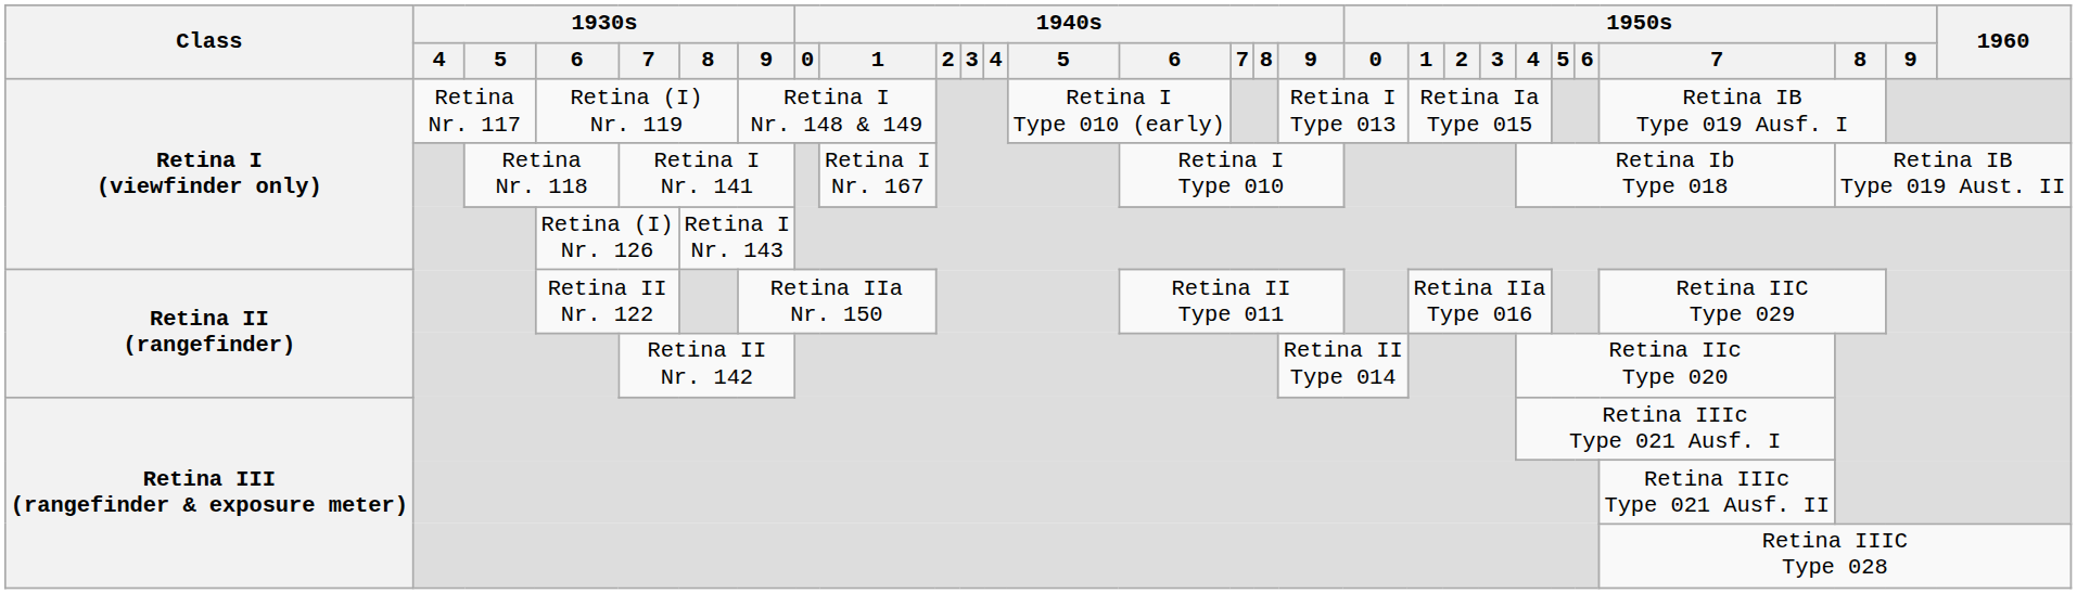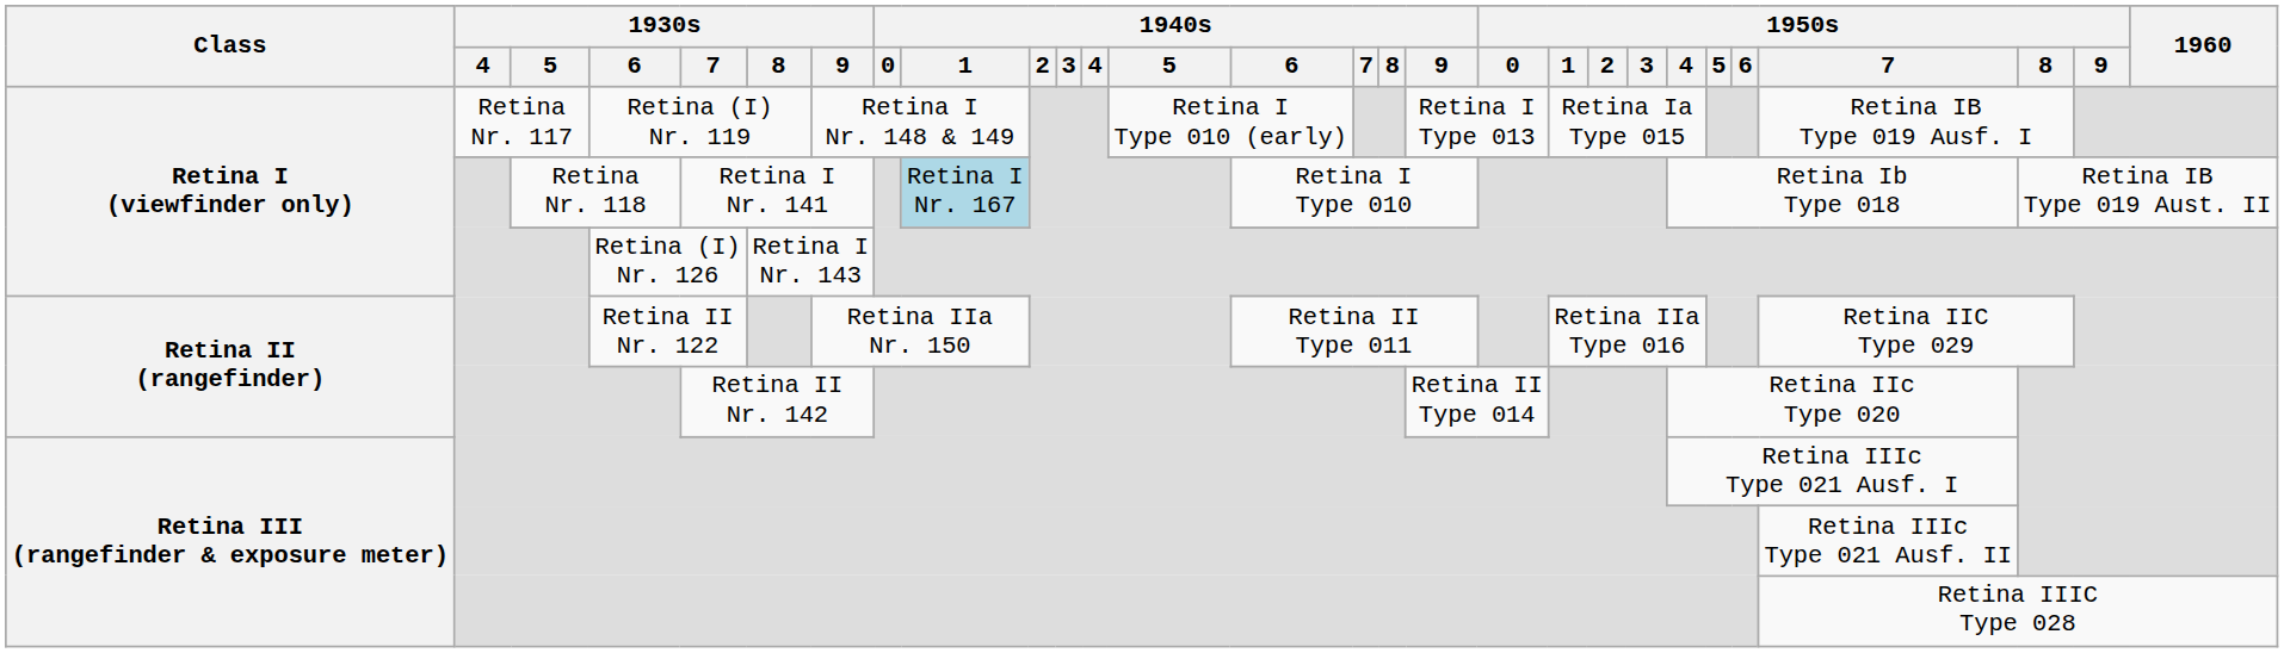 <table class="wikitable" style="font-size:90%;text-align:center;">
 <tr>
 <th rowspan=2>Class</th>
 <th colspan=6>1930s</th>
 <th colspan=10>1940s</th>
 <th colspan=10>1950s</th>
 <th rowspan=2>1960</th>
 </tr>
 <tr>
 <th>4</th>
 <th>5</th>
 <th>6</th>
 <th>7</th>
 <th>8</th>
 <th>9</th>
 <th>0</th>
 <th>1</th>
 <th>2</th>
 <th>3</th>
 <th>4</th>
 <th>5</th>
 <th>6</th>
 <th>7</th>
 <th>8</th>
 <th>9</th>
 <th>0</th>
 <th>1</th>
 <th>2</th>
 <th>3</th>
 <th>4</th>
 <th>5</th>
 <th>6</th>
 <th>7</th>
 <th>8</th>
 <th>9</th>
 </tr>
 <tr>
 <th rowspan=3>Retina I<br>(viewfinder only)</th>
 <td colspan=2>Retina<br>Nr. 117</td>
 <td colspan=3>Retina (I)<br>Nr. 119</td>
 <td colspan=3>Retina I<br>Nr. 148 & 149</td>
 <td colspan=3 style="background:#ddd;border:none;"> </td>
 <td colspan=2>Retina I<br>Type 010 (early)</td>
 <td colspan=2 style="background:#ddd;border:none;"> </td>
 <td colspan=2>Retina I<br>Type 013</td>
 <td colspan=4>Retina Ia<br>Type 015</td>
 <td colspan=2 style="background:#ddd;border:none;"> </td>
 <td colspan=2>Retina IB<br>Type 019 Ausf. I</td>
 <td colspan=2 style="background:#ddd;border:none;"> </td>
 </tr>
 <tr>
 <td colspan=1 style="background:#ddd;border:none;"> </td>
 <td colspan=2>Retina<br>Nr. 118</td>
 <td colspan=3>Retina I<br>Nr. 141</td>
 <td colspan=1 style="background:#ddd;border:none;"> </td>
-<td colspan=1>Retina I<br>Nr. 167</td>
+<td colspan=1 style="background: lightblue;">Retina I<br>Nr. 167</td>
 <td colspan=4 style="background:#ddd;border:none;"> </td>
 <td colspan=4>Retina I<br>Type 010</td>
 <td colspan=4 style="background:#ddd;border:none;"> </td>
 <td colspan=4>Retina Ib<br>Type 018</td>
 <td colspan=3>Retina IB<br>Type 019 Aust. II</td>
 </tr>
 <tr>
 <td colspan=2 style="background:#ddd;border:none;"> </td>
 <td colspan=2>Retina (I)<br>Nr. 126</td>
 <td colspan=2>Retina I<br>Nr. 143</td>
 <td colspan=21 style="background:#ddd;border:none;"> </td>
 </tr>
 <tr>
 <th rowspan=2>Retina II<br>(rangefinder)</th>
 <td colspan=2 style="background:#ddd;border:none;"> </td>
 <td colspan=2>Retina II<br>Nr. 122</td>
 <td colspan=1 style="background:#ddd;border:none;"> </td>
 <td colspan=3>Retina IIa<br>Nr. 150</td>
 <td colspan=4 style="background:#ddd;border:none;"> </td>
 <td colspan=4>Retina II<br>Type 011</td>
 <td colspan=1 style="background:#ddd;border:none;"> </td>
 <td colspan=4>Retina IIa<br>Type 016</td>
 <td colspan=2 style="background:#ddd;border:none;"> </td>
 <td colspan=2>Retina IIC<br>Type 029</td>
 <td colspan=2 style="background:#ddd;border:none;"> </td>
 </tr>
 <tr>
 <td colspan=3 style="background:#ddd;border:none;"> </td>
 <td colspan=3>Retina II<br>Nr. 142</td>
 <td colspan=9 style="background:#ddd;border:none;"> </td>
 <td colspan=2>Retina II<br>Type 014</td>
 <td colspan=3 style="background:#ddd;border:none;"> </td>
 <td colspan=4>Retina IIc<br>Type 020</td>
 <td colspan=3 style="background:#ddd;border:none;"> </td>
 </tr>
 <tr>
 <th rowspan=3>Retina III<br>(rangefinder & exposure meter)</th>
 <td colspan=20 style="background:#ddd;border:none;"> </td>
 <td colspan=4>Retina IIIc<br>Type 021 Ausf. I</td>
 <td colspan=3 style="background:#ddd;border:none;"> </td>
 </tr>
 <tr>
 <td colspan=23 style="background:#ddd;border:none;"> </td>
 <td colspan=1>Retina IIIc<br>Type 021 Ausf. II</td>
 <td colspan=3 style="background:#ddd;border:none;"> </td>
 </tr>
 <tr>
 <td colspan=23 style="background:#ddd;border:none;"> </td>
 <td colspan=4>Retina IIIC<br>Type 028</td>
 </tr>
 </table>
